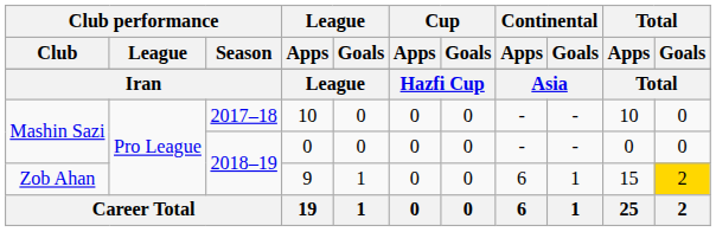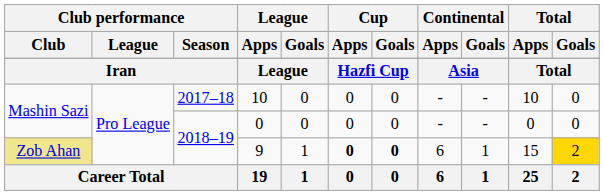 <table class="wikitable" style="font-size:90%; text-align:center;">
 <tr>
 <th colspan=3>Club performance</th>
 <th colspan=2>League</th>
 <th colspan=2>Cup</th>
 <th colspan=2>Continental</th>
 <th colspan=2>Total</th>
 </tr>
 <tr>
 <th>Club</th>
 <th>League</th>
 <th>Season</th>
 <th>Apps</th>
 <th>Goals</th>
 <th>Apps</th>
 <th>Goals</th>
 <th>Apps</th>
 <th>Goals</th>
 <th>Apps</th>
 <th>Goals</th>
 </tr>
 <tr>
 </tr>
 <tr>
 <th colspan=3>Iran</th>
 <th colspan=2>League</th>
 <th colspan=2><a href='#'>Hazfi Cup</a></th>
 <th colspan=2><a href='#'>Asia</a></th>
 <th colspan=2>Total</th>
 </tr>
 <tr>
 <td rowspan="2"><a href='#'>Mashin Sazi</a></td>
 <td rowspan="3"><a href='#'>Pro League</a></td>
 <td><a href='#'>2017–18</a></td>
 <td>10</td>
 <td>0</td>
 <td>0</td>
 <td>0</td>
 <td>-</td>
 <td>-</td>
 <td>10</td>
 <td>0</td>
 </tr>
 <tr>
 <td rowspan="2"><a href='#'>2018–19</a></td>
 <td>0</td>
 <td>0</td>
 <td>0</td>
 <td>0</td>
 <td>-</td>
 <td>-</td>
 <td>0</td>
 <td>0</td>
 </tr>
 <tr>
-<td rowspan="1"><a href='#'>Zob Ahan</a></td>
+<td rowspan="1" style="background: khaki;"><a href='#'>Zob Ahan</a></td>
 <td>9</td>
 <td>1</td>
-<td>0</td>
-<td>0</td>
+<td><strong>0</strong></td>
+<td><strong>0</strong></td>
 <td>6</td>
 <td>1</td>
 <td>15</td>
 <td style="background: gold;">2</td>
 </tr>
 <tr>
 <th colspan=3>Career Total</th>
 <th>19</th>
 <th>1</th>
 <th>0</th>
 <th>0</th>
 <th>6</th>
 <th>1</th>
 <th>25</th>
 <th>2</th>
 </tr>
 </table>
